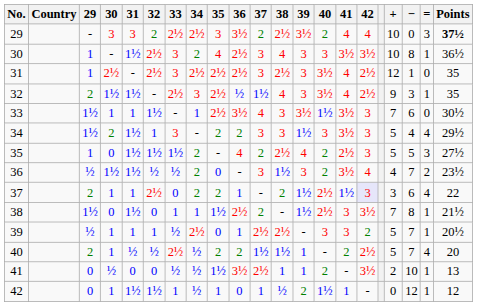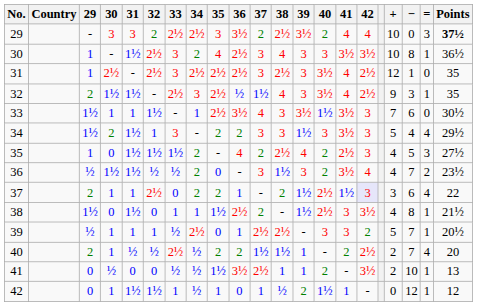 <table class="wikitable" style="text-align:center">
 <tr>
 <th>No.</th>
 <th>Country</th>
 <th>29</th>
 <th>30</th>
 <th>31</th>
 <th>32</th>
 <th>33</th>
 <th>34</th>
 <th>35</th>
 <th>36</th>
 <th>37</th>
 <th>38</th>
 <th>39</th>
 <th>40</th>
 <th>41</th>
 <th>42</th>
 <th></th>
 <th>+</th>
 <th>−</th>
 <th>=</th>
 <th>Points</th>
 </tr>
 <tr>
 <td>29</td>
 <td style="text-align: left"></td>
 <td>-</td>
 <td style="color:red;">3</td>
 <td style="color:red;">3</td>
 <td style="color:green;">2</td>
 <td style="color:red;">2½</td>
 <td style="color:red;">2½</td>
 <td style="color:red;">3</td>
 <td style="color:red;">3½</td>
 <td style="color:green;">2</td>
 <td style="color:red;">2½</td>
 <td style="color:red;">3½</td>
 <td style="color:green;">2</td>
 <td style="color:red;">4</td>
 <td style="color:red;">4</td>
 <th></th>
 <td>10</td>
 <td>0</td>
 <td>3</td>
 <td><strong>37½ </strong></td>
 </tr>
 <tr>
 <td>30</td>
 <td style="text-align: left"></td>
 <td style="color:blue;">1</td>
 <td>-</td>
 <td style="color:blue;">1½</td>
 <td style="color:red;">2½</td>
 <td style="color:red;">3</td>
 <td style="color:green;">2</td>
 <td style="color:red;">4</td>
 <td style="color:red;">2½</td>
 <td style="color:red;">3</td>
 <td style="color:red;">4</td>
 <td style="color:red;">3</td>
 <td style="color:red;">3</td>
 <td style="color:red;">3½</td>
 <td style="color:red;">3½</td>
 <th></th>
 <td>10</td>
 <td>8</td>
 <td>1</td>
 <td>36½</td>
 </tr>
 <tr>
 <td>31</td>
 <td style="text-align: left"></td>
 <td style="color:blue;">1</td>
 <td style="color:red;">2½</td>
 <td>-</td>
 <td style="color:red;">2½</td>
 <td style="color:red;">3</td>
 <td style="color:red;">2½</td>
 <td style="color:red;">2½</td>
 <td style="color:red;">2½</td>
 <td style="color:red;">3</td>
 <td style="color:red;">2½</td>
 <td style="color:red;">3</td>
 <td style="color:red;">3½</td>
 <td style="color:red;">4</td>
 <td style="color:red;">2½</td>
 <th></th>
 <td>12</td>
 <td>1</td>
 <td>0</td>
 <td>35</td>
 </tr>
 <tr>
 <td>32</td>
 <td style="text-align: left"></td>
 <td style="color:green;">2</td>
 <td style="color:blue;">1½</td>
 <td style="color:blue;">1½</td>
 <td>-</td>
 <td style="color:red;">2½</td>
 <td style="color:red;">3</td>
 <td style="color:red;">2½</td>
 <td style="color:blue;">½</td>
 <td style="color:blue;">1½</td>
 <td style="color:red;">4</td>
 <td style="color:red;">3</td>
 <td style="color:red;">3½</td>
 <td style="color:red;">4</td>
 <td style="color:red;">2½</td>
 <th></th>
 <td>9</td>
 <td>3</td>
 <td>1</td>
 <td>35</td>
 </tr>
 <tr>
 <td>33</td>
 <td style="text-align: left"></td>
 <td style="color:blue;">1½</td>
 <td style="color:blue;">1</td>
 <td style="color:blue;">1</td>
 <td style="color:blue;">1½</td>
 <td>-</td>
 <td style="color:blue;">1</td>
 <td style="color:red;">2½</td>
 <td style="color:red;">3½</td>
 <td style="color:red;">4</td>
 <td style="color:red;">3</td>
 <td style="color:red;">3½</td>
 <td style="color:blue;">1½</td>
 <td style="color:red;">3½</td>
 <td style="color:red;">3</td>
 <th></th>
 <td>7</td>
 <td>6</td>
 <td>0</td>
 <td>30½</td>
 </tr>
 <tr>
 <td>34</td>
 <td style="text-align: left"></td>
 <td style="color:blue;">1½</td>
 <td style="color:green;">2</td>
 <td style="color:blue;">1½</td>
 <td style="color:blue;">1</td>
 <td style="color:red;">3</td>
 <td>-</td>
 <td style="color:green;">2</td>
 <td style="color:green;">2</td>
 <td style="color:red;">3</td>
 <td style="color:red;">3</td>
 <td style="color:blue;">1½</td>
 <td style="color:red;">3</td>
 <td style="color:red;">3½</td>
 <td style="color:red;">3</td>
 <th></th>
 <td>5</td>
 <td>4</td>
 <td>4</td>
 <td>29½</td>
 </tr>
 <tr>
 <td>35</td>
 <td style="text-align: left"></td>
 <td style="color:blue;">1</td>
 <td style="color:blue;">0</td>
 <td style="color:blue;">1½</td>
 <td style="color:blue;">1½</td>
 <td style="color:blue;">1½</td>
 <td style="color:green;">2</td>
 <td>-</td>
 <td style="color:red;">4</td>
 <td style="color:green;">2</td>
 <td style="color:red;">2½</td>
 <td style="color:red;">4</td>
 <td style="color:green;">2</td>
 <td style="color:red;">2½</td>
 <td style="color:red;">3</td>
 <th></th>
-<td>5</td>
+<td>4</td>
 <td>5</td>
 <td>3</td>
 <td>27½</td>
 </tr>
 <tr>
 <td>36</td>
 <td style="text-align: left"></td>
 <td style="color:blue;">½</td>
 <td style="color:blue;">1½</td>
 <td style="color:blue;">1½</td>
 <td style="color:blue;">½</td>
 <td style="color:blue;">½</td>
 <td style="color:green;">2</td>
 <td style="color:blue;">0</td>
 <td>-</td>
 <td style="color:red;">3</td>
 <td style="color:blue;">1½</td>
 <td style="color:red;">3</td>
 <td style="color:green;">2</td>
 <td style="color:red;">3½</td>
 <td style="color:red;">4</td>
 <th></th>
 <td>4</td>
 <td>7</td>
 <td>2</td>
 <td>23½</td>
 </tr>
 <tr>
 <td>37</td>
 <td style="text-align: left"></td>
 <td style="color:green;">2</td>
 <td style="color:blue;">1</td>
 <td style="color:blue;">1</td>
 <td style="color:red;">2½</td>
 <td style="color:blue;">0</td>
 <td style="color:green;">2</td>
 <td style="color:green;">2</td>
 <td style="color:blue;">1</td>
 <td>-</td>
 <td style="color:green;">2</td>
 <td style="color:blue;">1½</td>
 <td style="color:red;">2½</td>
 <td style="color:blue;">1½</td>
 <td style="background: lavender; color:red;">3</td>
 <th></th>
 <td>3</td>
 <td>6</td>
 <td>4</td>
 <td>22</td>
 </tr>
 <tr>
 <td>38</td>
 <td style="text-align: left"></td>
 <td style="color:blue;">1½</td>
 <td style="color:blue;">0</td>
 <td style="color:blue;">1½</td>
 <td style="color:blue;">0</td>
 <td style="color:blue;">1</td>
 <td style="color:blue;">1</td>
 <td style="color:blue;">1½</td>
 <td style="color:red;">2½</td>
 <td style="color:green;">2</td>
 <td>-</td>
 <td style="color:blue;">1½</td>
 <td style="color:red;">2½</td>
 <td style="color:red;">3</td>
 <td style="color:red;">3½</td>
 <th></th>
-<td>7</td>
+<td>4</td>
 <td>8</td>
 <td>1</td>
 <td>21½</td>
 </tr>
 <tr>
 <td>39</td>
 <td style="text-align: left"></td>
 <td style="color:blue;">½</td>
 <td style="color:blue;">1</td>
 <td style="color:blue;">1</td>
 <td style="color:blue;">1</td>
 <td style="color:blue;">½</td>
 <td style="color:red;">2½</td>
 <td style="color:blue;">0</td>
 <td style="color:blue;">1</td>
 <td style="color:red;">2½</td>
 <td style="color:red;">2½</td>
 <td>-</td>
 <td style="color:red;">3</td>
 <td style="color:red;">3</td>
 <td style="color:green;">2</td>
 <th></th>
 <td>5</td>
 <td>7</td>
 <td>1</td>
 <td>20½</td>
 </tr>
 <tr>
 <td>40</td>
 <td style="text-align: left"></td>
 <td style="color:green;">2</td>
 <td style="color:blue;">1</td>
 <td style="color:blue;">½</td>
 <td style="color:blue;">½</td>
 <td style="color:red;">2½</td>
 <td style="color:blue;">½</td>
 <td style="color:green;">2</td>
 <td style="color:green;">2</td>
 <td style="color:blue;">1½</td>
 <td style="color:blue;">1½</td>
 <td style="color:blue;">1</td>
 <td>-</td>
 <td style="color:green;">2</td>
 <td style="color:red;">2½</td>
 <th></th>
-<td>5</td>
+<td>2</td>
 <td>7</td>
 <td>4</td>
 <td>20</td>
 </tr>
 <tr>
 <td>41</td>
 <td style="text-align: left"></td>
 <td style="color:blue;">0</td>
 <td style="color:blue;">½</td>
 <td style="color:blue;">0</td>
 <td style="color:blue;">0</td>
 <td style="color:blue;">½</td>
 <td style="color:blue;">½</td>
 <td style="color:blue;">1½</td>
 <td style="color:red;">3½</td>
 <td style="color:red;">2½</td>
 <td style="color:blue;">1</td>
 <td style="color:blue;">1</td>
 <td style="color:green;">2</td>
 <td>-</td>
 <td style="color:red;">3½</td>
 <th></th>
 <td>2</td>
 <td>10</td>
 <td>1</td>
 <td>13</td>
 </tr>
 <tr>
 <td>42</td>
 <td style="text-align: left"></td>
 <td style="color:blue;">0</td>
 <td style="color:blue;">1</td>
 <td style="color:blue;">1½</td>
 <td style="color:blue;">1½</td>
 <td style="color:blue;">1</td>
 <td style="color:blue;">½</td>
 <td style="color:blue;">1</td>
 <td style="color:blue;">0</td>
 <td style="color:blue;">1</td>
 <td style="color:blue;">½</td>
 <td style="color:green;">2</td>
 <td style="color:blue;">1½</td>
 <td style="color:blue;">1</td>
 <td>-</td>
 <th></th>
 <td>0</td>
 <td>12</td>
 <td>1</td>
 <td>12</td>
 </tr>
 </table>
